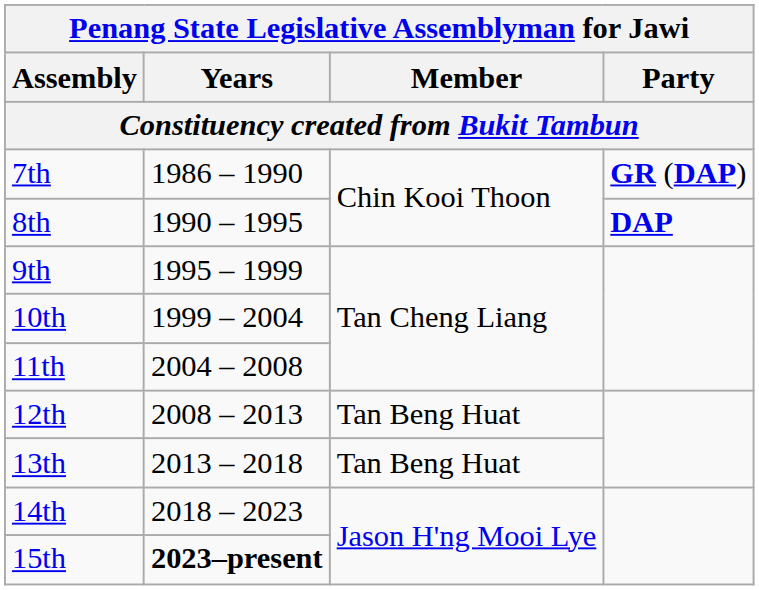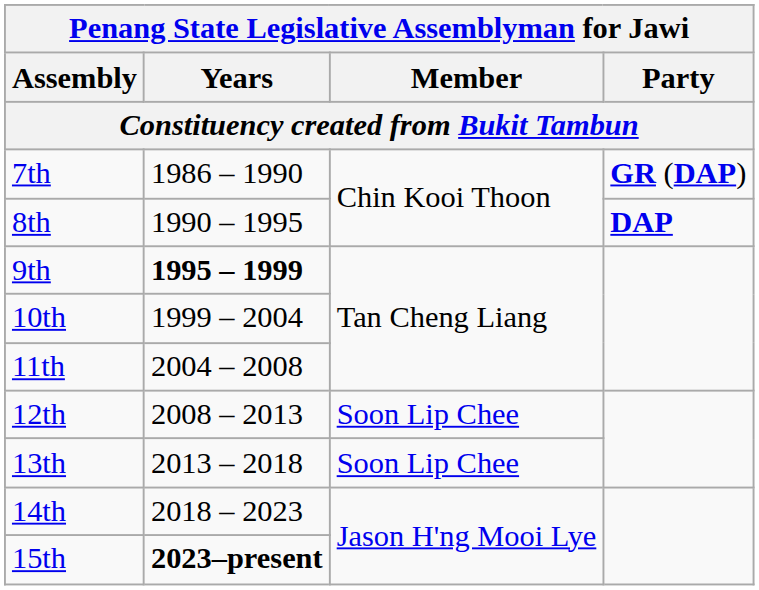 <table class="wikitable">
 <tr>
 <th colspan="4"><a href='#'>Penang State Legislative Assemblyman</a> for Jawi</th>
 </tr>
 <tr>
 <th>Assembly</th>
 <th>Years</th>
 <th>Member</th>
 <th>Party</th>
 </tr>
 <tr>
 <th colspan="4" align="center"><em>Constituency created from <a href='#'>Bukit Tambun</a></em></th>
 </tr>
 <tr>
 <td><a href='#'>7th</a></td>
 <td>1986 – 1990</td>
 <td rowspan="2">Chin Kooi Thoon</td>
 <td><strong><a href='#'>GR</a></strong> (<strong><a href='#'>DAP</a></strong>)</td>
 </tr>
 <tr>
 <td><a href='#'>8th</a></td>
 <td>1990 – 1995</td>
 <td><strong><a href='#'>DAP</a></strong></td>
 </tr>
 <tr>
 <td><a href='#'>9th</a></td>
-<td>1995 – 1999</td>
+<td><strong>1995 – 1999</strong></td>
 <td rowspan="3">Tan Cheng Liang</td>
 <td rowspan="3"></td>
 </tr>
 <tr>
 <td><a href='#'>10th</a></td>
 <td>1999 – 2004</td>
 </tr>
 <tr>
 <td><a href='#'>11th</a></td>
 <td>2004 – 2008</td>
 </tr>
 <tr>
 <td><a href='#'>12th</a></td>
 <td>2008 – 2013</td>
-<td>Tan Beng Huat</td>
+<td><a href='#'>Soon Lip Chee</a></td>
 <td rowspan="2"></td>
 </tr>
 <tr>
 <td><a href='#'>13th</a></td>
 <td>2013 – 2018</td>
-<td>Tan Beng Huat</td>
+<td><a href='#'>Soon Lip Chee</a></td>
 </tr>
 <tr>
 <td><a href='#'>14th</a></td>
 <td>2018 – 2023</td>
 <td rowspan=2><a href='#'>Jason H'ng Mooi Lye</a></td>
 <td rowspan=2></td>
 </tr>
 <tr>
 <td><a href='#'>15th</a></td>
 <td><strong>2023–present</strong></td>
 </tr>
 </table>
